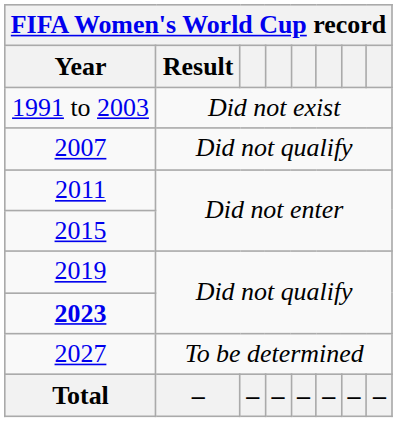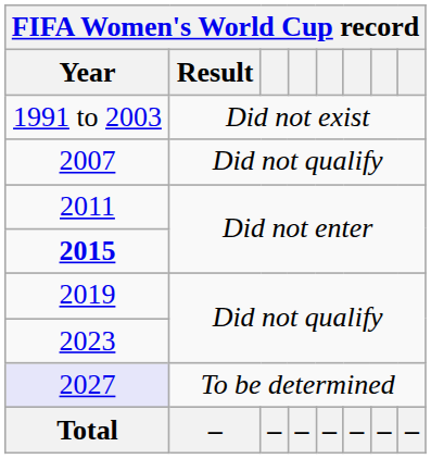 <table class="wikitable" style="text-align: center;">
 <tr>
 <th colspan=9><a href='#'>FIFA Women's World Cup</a> record</th>
 </tr>
 <tr>
 <th>Year</th>
 <th>Result</th>
 <th></th>
 <th></th>
 <th></th>
 <th></th>
 <th></th>
 <th></th>
 </tr>
 <tr>
 <td> <a href='#'>1991</a> to  <a href='#'>2003</a></td>
 <td colspan=7><em>Did not exist</em></td>
 </tr>
 <tr>
 <td> <a href='#'>2007</a></td>
 <td colspan=7><em>Did not qualify</em></td>
 </tr>
 <tr>
 <td> <a href='#'>2011</a></td>
 <td colspan=7 rowspan=2><em>Did not enter</em></td>
 </tr>
 <tr>
-<td> <a href='#'>2015</a></td>
+<td><strong> <a href='#'>2015</a></strong></td>
 </tr>
 <tr>
 <td> <a href='#'>2019</a></td>
 <td colspan=7 rowspan=2><em>Did not qualify</em></td>
 </tr>
 <tr>
-<td><strong> <a href='#'>2023</a></strong></td>
+<td> <a href='#'>2023</a></td>
 </tr>
 <tr>
-<td> <a href='#'>2027</a></td>
+<td style="background: lavender;"> <a href='#'>2027</a></td>
 <td colspan=7><em>To be determined</em></td>
 </tr>
 <tr>
 <th>Total</th>
 <th>–</th>
 <th>–</th>
 <th>–</th>
 <th>–</th>
 <th>–</th>
 <th>–</th>
 <th>–</th>
 </tr>
 </table>
